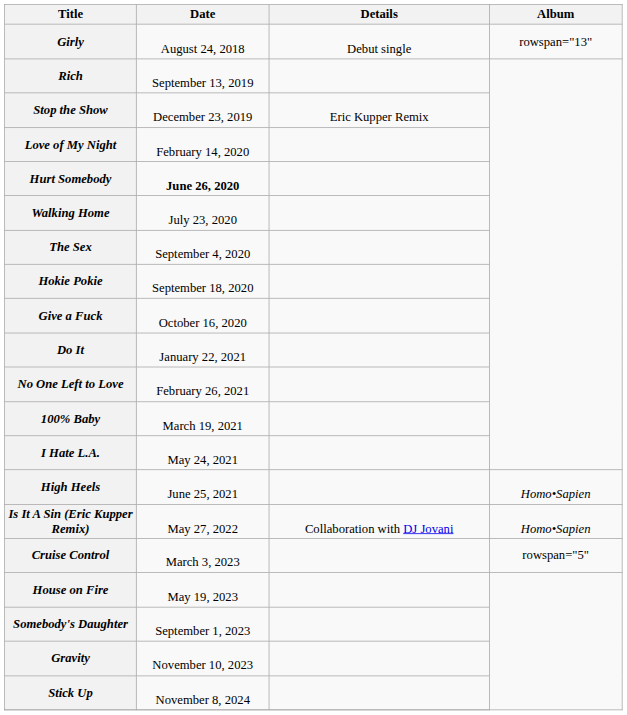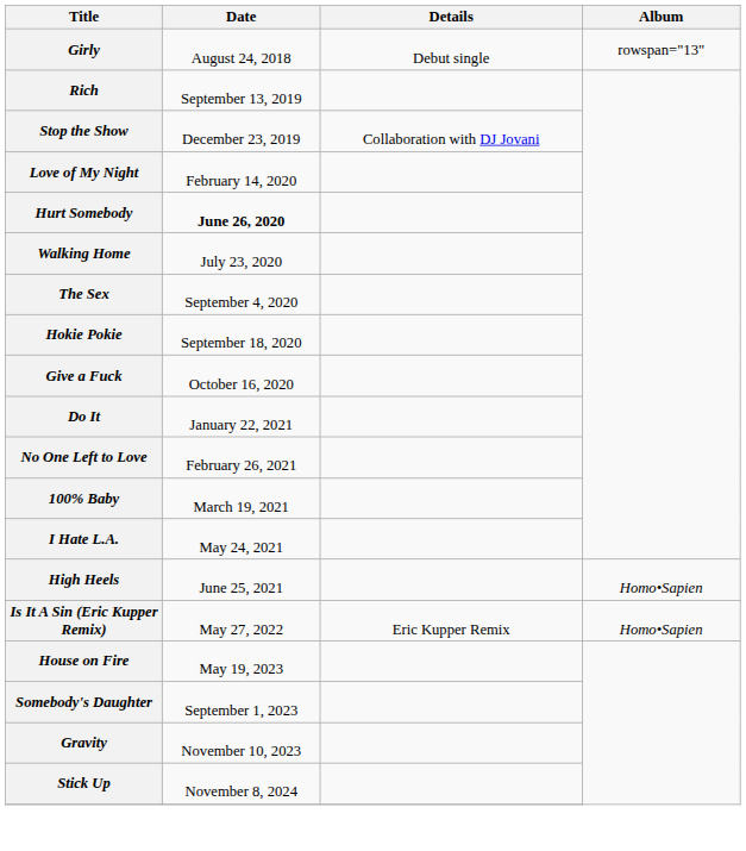 <table class="wikitable plainrowheaders" style="text-align:center;">
 <tr>
 <th scope="col" style="width:10em;">Title</th>
 <th scope="col" style="width:10em;">Date</th>
 <th scope="col" style="width:17em;">Details</th>
 <th scope="col" style="width:10em;">Album</th>
 </tr>
 <tr>
 <th scope="row"><em>Girly</em></th>
 <td><br>August 24, 2018</td>
 <td><br>Debut single</td>
 <td>rowspan="13"</td>
 </tr>
 <tr>
 <th scope="row"><em>Rich</em></th>
 <td><br>September 13, 2019</td>
 <td></td>
 </tr>
 <tr>
 <th scope="row"><em>Stop the Show</em></th>
 <td><br>December 23, 2019</td>
-<td><br>Eric Kupper Remix</td>
+<td><br>Collaboration with <a href='#'>DJ Jovani</a></td>
 </tr>
 <tr>
 <th scope="row"><em>Love of My Night</em></th>
 <td><br>February 14, 2020</td>
 <td></td>
 </tr>
 <tr>
 <th scope="row"><em>Hurt Somebody</em></th>
 <td><strong><br>June 26, 2020</strong></td>
 <td></td>
 </tr>
 <tr>
 <th scope="row"><em>Walking Home</em></th>
 <td><br>July 23, 2020</td>
 <td></td>
 </tr>
 <tr>
 <th scope="row"><em>The Sex</em></th>
 <td><br>September 4, 2020</td>
 <td></td>
 </tr>
 <tr>
 <th scope="row"><em>Hokie Pokie</em></th>
 <td><br>September 18, 2020</td>
 <td></td>
 </tr>
 <tr>
 <th scope="row"><em>Give a Fuck</em></th>
 <td><br>October 16, 2020</td>
 <td></td>
 </tr>
 <tr>
 <th scope="row"><em>Do It</em></th>
 <td><br>January 22, 2021</td>
 <td></td>
 </tr>
 <tr>
 <th scope="row"><em>No One Left to Love</em></th>
 <td><br>February 26, 2021</td>
 <td></td>
 </tr>
 <tr>
 <th scope="row"><em>100% Baby</em></th>
 <td><br>March 19, 2021</td>
 <td></td>
 </tr>
 <tr>
 <th scope="row"><em>I Hate L.A.</em></th>
 <td><br>May 24, 2021</td>
 <td></td>
 </tr>
 <tr>
 <th scope="row"><em>High Heels</em></th>
 <td><br>June 25, 2021</td>
 <td></td>
 <td><br><em>Homo•Sapien</em></td>
 </tr>
 <tr>
 <th scope="row"><em>Is It A Sin (Eric Kupper Remix)</em></th>
 <td><br>May 27, 2022</td>
-<td><br>Collaboration with <a href='#'>DJ Jovani</a></td>
+<td><br>Eric Kupper Remix</td>
 <td><br><em>Homo•Sapien</em></td>
-</tr>
-<tr>
-<th scope="row"><em>Cruise Control</em></th>
-<td><br>March 3, 2023</td>
-<td></td>
-<td>rowspan="5"</td>
 </tr>
 <tr>
 <th scope="row"><em>House on Fire</em></th>
 <td><br>May 19, 2023</td>
 <td></td>
 </tr>
 <tr>
 <th scope="row"><em>Somebody's Daughter</em></th>
 <td><br>September 1, 2023</td>
 <td></td>
 </tr>
 <tr>
 <th scope="row"><em>Gravity</em></th>
 <td><br>November 10, 2023</td>
 <td></td>
 </tr>
 <tr>
 <th scope="row"><em>Stick Up</em></th>
 <td><br>November 8, 2024</td>
 <td></td>
 </tr>
 <tr>
 </tr>
 </table>
